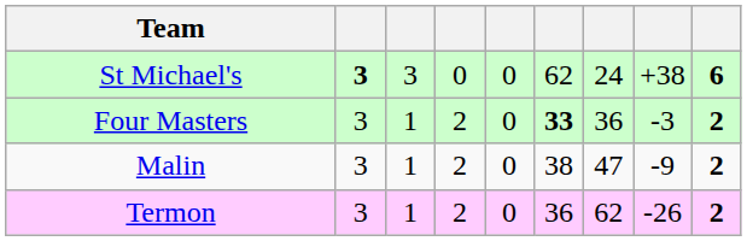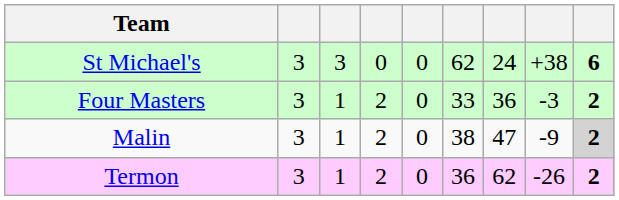 <table class="wikitable" style="text-align:center">
 <tr>
 <th style="width:175px;">Team</th>
 <th width="20"></th>
 <th width="20"></th>
 <th width="20"></th>
 <th width="20"></th>
 <th width="20"></th>
 <th width="20"></th>
 <th width="20"></th>
 <th width="20"></th>
 </tr>
 <tr style="background:#cfc;">
 <td><a href='#'>St Michael's</a></td>
-<td><strong>3</strong></td>
+<td>3</td>
 <td>3</td>
 <td>0</td>
 <td>0</td>
 <td>62</td>
 <td>24</td>
 <td>+38</td>
 <td><strong>6</strong></td>
 </tr>
 <tr style="background:#cfc;">
 <td><a href='#'>Four Masters</a></td>
 <td>3</td>
 <td>1</td>
 <td>2</td>
 <td>0</td>
-<td><strong>33</strong></td>
+<td>33</td>
 <td>36</td>
 <td>-3</td>
 <td><strong>2</strong></td>
 </tr>
 <tr>
 <td><a href='#'>Malin</a></td>
 <td>3</td>
 <td>1</td>
 <td>2</td>
 <td>0</td>
 <td>38</td>
 <td>47</td>
 <td>-9</td>
-<td><strong>2</strong></td>
+<td style="background: lightgrey;"><strong>2</strong></td>
 </tr>
 <tr style="background:#fcf;">
 <td><a href='#'>Termon</a></td>
 <td>3</td>
 <td>1</td>
 <td>2</td>
 <td>0</td>
 <td>36</td>
 <td>62</td>
 <td>-26</td>
 <td><strong>2</strong></td>
 </tr>
 </table>
